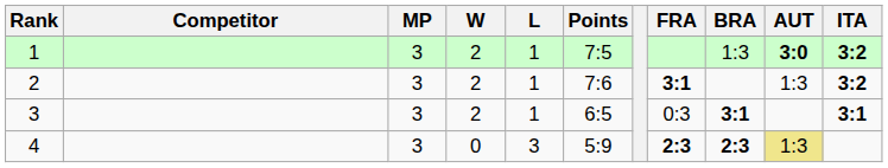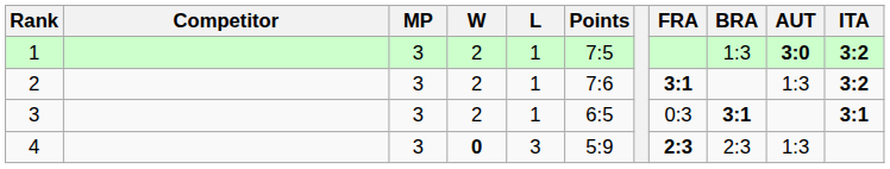 <table class="wikitable" style="text-align:center">
 <tr>
 <th>Rank</th>
 <th style="width:16em">Competitor</th>
 <th style="width:2.5em">MP</th>
 <th style="width:2.5em">W</th>
 <th style="width:2.5em">L</th>
 <th>Points</th>
 <th rowspan="5"> </th>
 <th style="width:2.5em">FRA</th>
 <th style="width:2.5em">BRA</th>
 <th style="width:2.5em">AUT</th>
 <th style="width:2.5em">ITA</th>
 </tr>
 <tr style="background:#cfc;">
 <td>1</td>
 <td style="text-align:left"></td>
 <td>3</td>
 <td>2</td>
 <td>1</td>
 <td>7:5</td>
 <td></td>
 <td>1:3</td>
 <td><strong>3:0</strong></td>
 <td><strong>3:2</strong></td>
 </tr>
 <tr>
 <td>2</td>
 <td style="text-align:left"></td>
 <td>3</td>
 <td>2</td>
 <td>1</td>
 <td>7:6</td>
 <td><strong>3:1</strong></td>
 <td></td>
 <td>1:3</td>
 <td><strong>3:2</strong></td>
 </tr>
 <tr>
 <td>3</td>
 <td style="text-align:left"></td>
 <td>3</td>
 <td>2</td>
 <td>1</td>
 <td>6:5</td>
 <td>0:3</td>
 <td><strong>3:1</strong></td>
 <td></td>
 <td><strong>3:1</strong></td>
 </tr>
 <tr>
 <td>4</td>
 <td style="text-align:left"></td>
 <td>3</td>
-<td>0</td>
+<td><strong>0</strong></td>
 <td>3</td>
 <td>5:9</td>
 <td><strong>2:3</strong></td>
-<td><strong>2:3</strong></td>
-<td style="background: khaki;">1:3</td>
+<td>2:3</td>
+<td>1:3</td>
 <td></td>
 </tr>
 </table>
